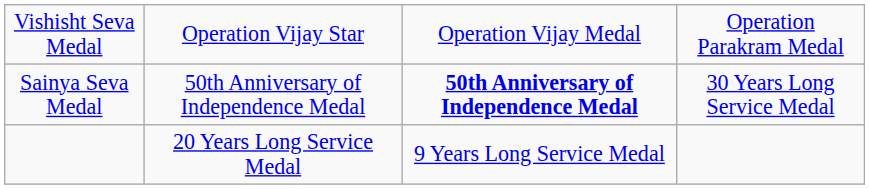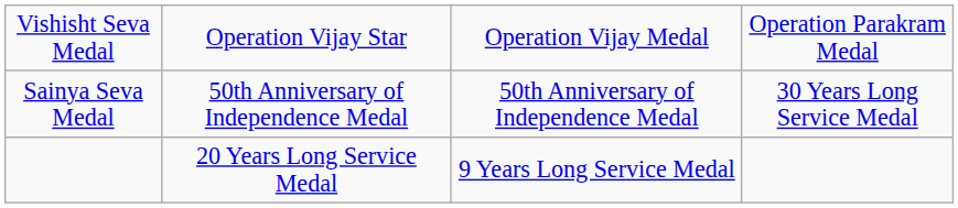 <table class="wikitable" style="margin:1em auto; text-align:center;">
 <tr>
 <td><a href='#'>Vishisht Seva Medal</a></td>
 <td><a href='#'>Operation Vijay Star</a></td>
 <td><a href='#'>Operation Vijay Medal</a></td>
 <td><a href='#'>Operation Parakram Medal</a></td>
 </tr>
 <tr>
 <td><a href='#'>Sainya Seva Medal</a></td>
 <td><a href='#'>50th Anniversary of Independence Medal</a></td>
-<td><strong><a href='#'>50th Anniversary of Independence Medal</a></strong></td>
+<td><a href='#'>50th Anniversary of Independence Medal</a></td>
 <td><a href='#'>30 Years Long Service Medal</a></td>
 </tr>
 <tr>
 <td></td>
 <td><a href='#'>20 Years Long Service Medal</a></td>
 <td><a href='#'>9 Years Long Service Medal</a></td>
 </tr>
 </table>
